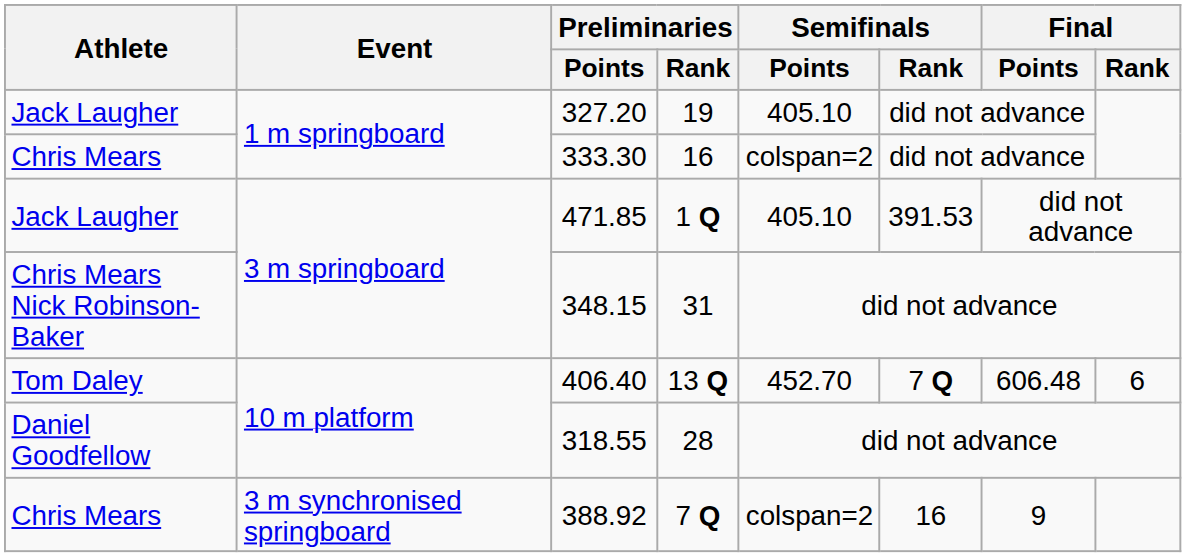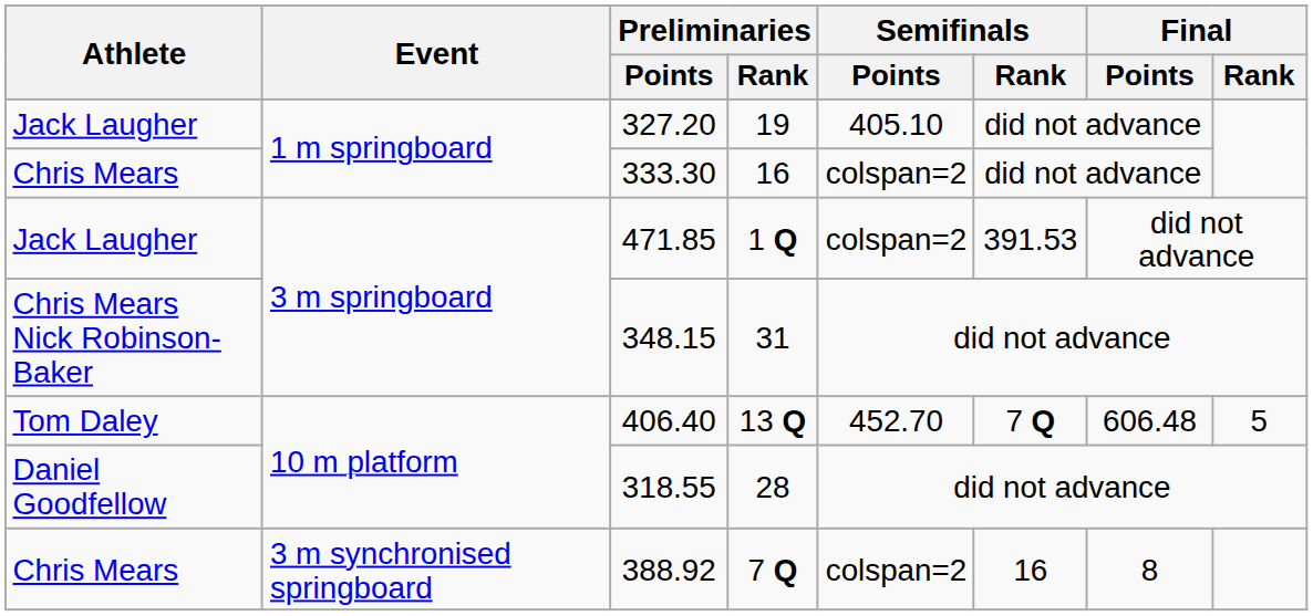 <table class=wikitable style="font-size:90%">
 <tr>
 <th rowspan="2">Athlete</th>
 <th rowspan="2">Event</th>
 <th colspan="2">Preliminaries</th>
 <th colspan="2">Semifinals</th>
 <th colspan="2">Final</th>
 </tr>
 <tr style="font-size:95%">
 <th>Points</th>
 <th>Rank</th>
 <th>Points</th>
 <th>Rank</th>
 <th>Points</th>
 <th>Rank</th>
 </tr>
 <tr align=center>
 <td align=left><a href='#'>Jack Laugher</a></td>
 <td align=left rowspan=2><a href='#'>1 m springboard</a></td>
 <td>327.20</td>
 <td>19</td>
 <td>405.10</td>
 <td colspan=2>did not advance</td>
 </tr>
 <tr align=center>
 <td align=left><a href='#'>Chris Mears</a></td>
 <td>333.30</td>
 <td>16</td>
 <td>colspan=2 </td>
 <td colspan=2>did not advance</td>
 </tr>
 <tr align=center>
 <td align=left><a href='#'>Jack Laugher</a></td>
 <td align=left rowspan=2><a href='#'>3 m springboard</a></td>
 <td>471.85</td>
 <td>1 <strong>Q</strong></td>
-<td>405.10</td>
+<td>colspan=2 </td>
 <td>391.53</td>
 <td colspan=2>did not advance</td>
 </tr>
 <tr align=center>
 <td align=left><a href='#'>Chris Mears</a><br><a href='#'>Nick Robinson-Baker</a></td>
 <td>348.15</td>
 <td>31</td>
 <td colspan=4>did not advance</td>
 </tr>
 <tr align=center>
 <td align=left><a href='#'>Tom Daley</a></td>
 <td align=left rowspan=2><a href='#'>10 m platform</a></td>
 <td>406.40</td>
 <td>13 <strong>Q</strong></td>
 <td>452.70</td>
 <td>7 <strong>Q</strong></td>
 <td>606.48</td>
-<td>6</td>
+<td>5</td>
 </tr>
 <tr align=center>
 <td align=left><a href='#'>Daniel Goodfellow</a></td>
 <td>318.55</td>
 <td>28</td>
 <td colspan=4>did not advance</td>
 </tr>
 <tr align=center>
 <td align=left><a href='#'>Chris Mears</a></td>
 <td align=left><a href='#'>3 m synchronised springboard</a></td>
 <td>388.92</td>
 <td>7 <strong>Q</strong></td>
 <td>colspan=2 </td>
 <td>16</td>
-<td>9</td>
+<td>8</td>
 </tr>
 </table>
